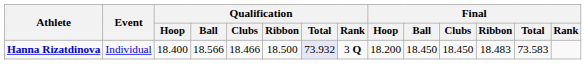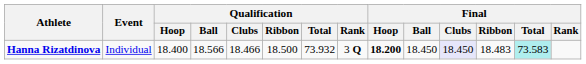 <table class=wikitable style="font-size:90%">
 <tr>
 <th rowspan=2>Athlete</th>
 <th rowspan=2>Event</th>
 <th colspan=6>Qualification</th>
 <th colspan=6>Final</th>
 </tr>
 <tr style="font-size:95%">
 <th>Hoop</th>
 <th>Ball</th>
 <th>Clubs</th>
 <th>Ribbon</th>
 <th>Total</th>
 <th>Rank</th>
 <th>Hoop</th>
 <th>Ball</th>
 <th>Clubs</th>
 <th>Ribbon</th>
 <th>Total</th>
 <th>Rank</th>
 </tr>
 <tr align=center>
 <td align=left><strong><a href='#'>Hanna Rizatdinova</a></strong></td>
 <td align=left><a href='#'>Individual</a></td>
 <td>18.400</td>
 <td>18.566</td>
 <td>18.466</td>
 <td>18.500</td>
-<td style="background: lavender;">73.932</td>
+<td>73.932</td>
 <td>3 <strong>Q</strong></td>
-<td>18.200</td>
+<td><strong>18.200</strong></td>
 <td>18.450</td>
-<td>18.450</td>
+<td style="background: lavender;">18.450</td>
 <td>18.483</td>
-<td>73.583</td>
+<td style="background: paleturquoise;">73.583</td>
 <td></td>
 </tr>
 </table>
